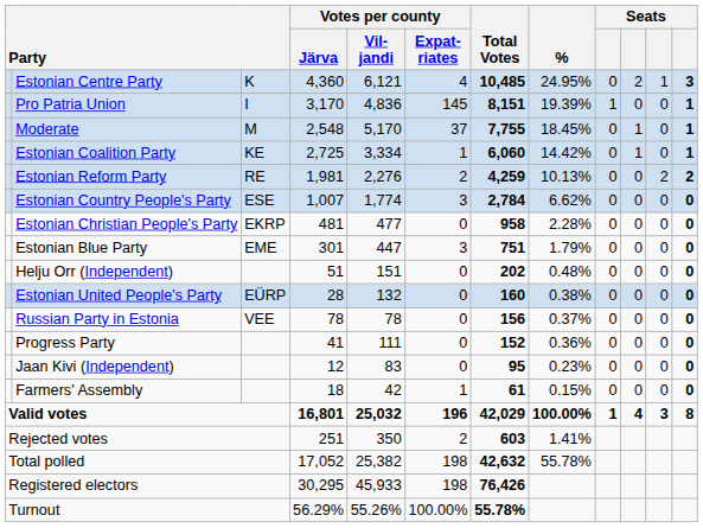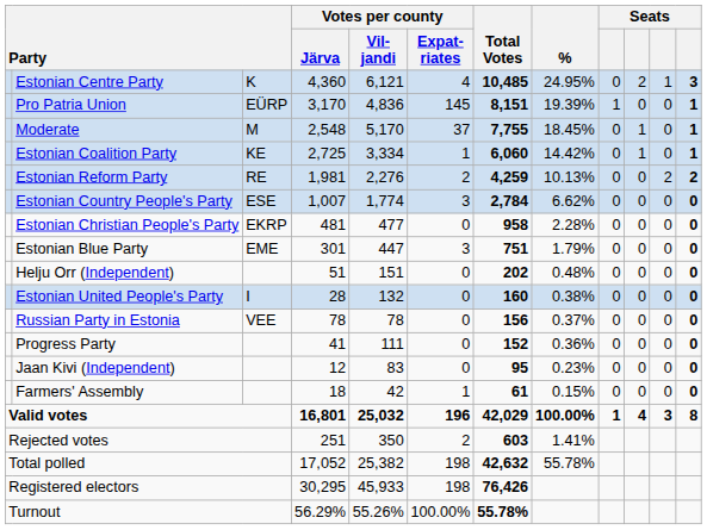 <table class="wikitable" border="1" style="text-align:right;">
 <tr>
 <th style="text-align:left;" valign=bottom rowspan=2 colspan=3>Party</th>
 <th colspan=3>Votes per county</th>
 <th align=center valign=bottom rowspan=2 width="50">Total Votes</th>
 <th align=center valign=bottom rowspan=2 width="50">%</th>
 <th colspan=4>Seats</th>
 </tr>
 <tr>
 <th align=center valign=bottom width="50"><a href='#'>Järva</a></th>
 <th align=center valign=bottom width="50"><a href='#'>Vil- jandi</a></th>
 <th align=center valign=bottom width="50"><a href='#'>Expat- riates</a></th>
 <th align=center valign=bottom width="20"><small></small></th>
 <th align=center valign=bottom width="20"><small></small></th>
 <th align=center valign=bottom width="20"><small></small></th>
 <th align=center valign=bottom width="20"><small></small></th>
 </tr>
 <tr style="background:#CEE0F2;">
 <td style="background:"></td>
 <td align=left><a href='#'>Estonian Centre Party</a></td>
 <td align=left>K</td>
 <td>4,360</td>
 <td>6,121</td>
 <td>4</td>
 <td><strong>10,485</strong></td>
 <td>24.95%</td>
 <td>0</td>
 <td>2</td>
 <td>1</td>
 <td><strong>3</strong></td>
 </tr>
 <tr style="background:#CEE0F2;">
 <td style="background:"></td>
 <td align=left><a href='#'>Pro Patria Union</a></td>
-<td align=left>I</td>
+<td align=left>EÜRP</td>
 <td>3,170</td>
 <td>4,836</td>
 <td>145</td>
 <td><strong>8,151</strong></td>
 <td>19.39%</td>
 <td>1</td>
 <td>0</td>
 <td>0</td>
 <td><strong>1</strong></td>
 </tr>
 <tr style="background:#CEE0F2;">
 <td style="background:"></td>
 <td align=left><a href='#'>Moderate</a></td>
 <td align=left>M</td>
 <td>2,548</td>
 <td>5,170</td>
 <td>37</td>
 <td><strong>7,755</strong></td>
 <td>18.45%</td>
 <td>0</td>
 <td>1</td>
 <td>0</td>
 <td><strong>1</strong></td>
 </tr>
 <tr style="background:#CEE0F2;">
 <td style="background:"></td>
 <td align=left><a href='#'>Estonian Coalition Party</a></td>
 <td align=left>KE</td>
 <td>2,725</td>
 <td>3,334</td>
 <td>1</td>
 <td><strong>6,060</strong></td>
 <td>14.42%</td>
 <td>0</td>
 <td>1</td>
 <td>0</td>
 <td><strong>1</strong></td>
 </tr>
 <tr style="background:#CEE0F2;">
 <td style="background:"></td>
 <td align=left><a href='#'>Estonian Reform Party</a></td>
 <td align=left>RE</td>
 <td>1,981</td>
 <td>2,276</td>
 <td>2</td>
 <td><strong>4,259</strong></td>
 <td>10.13%</td>
 <td>0</td>
 <td>0</td>
 <td>2</td>
 <td><strong>2</strong></td>
 </tr>
 <tr style="background:#CEE0F2;">
 <td style="background:"></td>
 <td align=left><a href='#'>Estonian Country People's Party</a></td>
 <td align=left>ESE</td>
 <td>1,007</td>
 <td>1,774</td>
 <td>3</td>
 <td><strong>2,784</strong></td>
 <td>6.62%</td>
 <td>0</td>
 <td>0</td>
 <td>0</td>
 <td><strong>0</strong></td>
 </tr>
 <tr>
 <td style="background:"></td>
 <td align=left><a href='#'>Estonian Christian People's Party</a></td>
 <td align=left>EKRP</td>
 <td>481</td>
 <td>477</td>
 <td>0</td>
 <td><strong>958</strong></td>
 <td>2.28%</td>
 <td>0</td>
 <td>0</td>
 <td>0</td>
 <td><strong>0</strong></td>
 </tr>
 <tr>
 <td></td>
 <td align=left>Estonian Blue Party</td>
 <td align=left>EME</td>
 <td>301</td>
 <td>447</td>
 <td>3</td>
 <td><strong>751</strong></td>
 <td>1.79%</td>
 <td>0</td>
 <td>0</td>
 <td>0</td>
 <td><strong>0</strong></td>
 </tr>
 <tr>
 <td style="background:"></td>
 <td align=left>Helju Orr (<a href='#'>Independent</a>)</td>
 <td></td>
 <td>51</td>
 <td>151</td>
 <td>0</td>
 <td><strong>202</strong></td>
 <td>0.48%</td>
 <td>0</td>
 <td>0</td>
 <td>0</td>
 <td><strong>0</strong></td>
 </tr>
 <tr style="background:#CEE0F2;">
 <td style="background:"></td>
 <td align=left><a href='#'>Estonian United People's Party</a></td>
-<td align=left>EÜRP</td>
+<td align=left>I</td>
 <td>28</td>
 <td>132</td>
 <td>0</td>
 <td><strong>160</strong></td>
 <td>0.38%</td>
 <td>0</td>
 <td>0</td>
 <td>0</td>
 <td><strong>0</strong></td>
 </tr>
 <tr>
 <td></td>
 <td align=left><a href='#'>Russian Party in Estonia</a></td>
 <td align=left>VEE</td>
 <td>78</td>
 <td>78</td>
 <td>0</td>
 <td><strong>156</strong></td>
 <td>0.37%</td>
 <td>0</td>
 <td>0</td>
 <td>0</td>
 <td><strong>0</strong></td>
 </tr>
 <tr>
 <td></td>
 <td align=left>Progress Party</td>
 <td></td>
 <td>41</td>
 <td>111</td>
 <td>0</td>
 <td><strong>152</strong></td>
 <td>0.36%</td>
 <td>0</td>
 <td>0</td>
 <td>0</td>
 <td><strong>0</strong></td>
 </tr>
 <tr>
 <td style="background:"></td>
 <td align=left>Jaan Kivi (<a href='#'>Independent</a>)</td>
 <td></td>
 <td>12</td>
 <td>83</td>
 <td>0</td>
 <td><strong>95</strong></td>
 <td>0.23%</td>
 <td>0</td>
 <td>0</td>
 <td>0</td>
 <td><strong>0</strong></td>
 </tr>
 <tr>
 <td></td>
 <td align=left>Farmers' Assembly</td>
 <td></td>
 <td>18</td>
 <td>42</td>
 <td>1</td>
 <td><strong>61</strong></td>
 <td>0.15%</td>
 <td>0</td>
 <td>0</td>
 <td>0</td>
 <td><strong>0</strong></td>
 </tr>
 <tr style="font-weight:bold">
 <td align=left colspan=3>Valid votes</td>
 <td>16,801</td>
 <td>25,032</td>
 <td>196</td>
 <td>42,029</td>
 <td>100.00%</td>
 <td>1</td>
 <td>4</td>
 <td>3</td>
 <td>8</td>
 </tr>
 <tr>
 <td align=left colspan=3>Rejected votes</td>
 <td>251</td>
 <td>350</td>
 <td>2</td>
 <td><strong>603</strong></td>
 <td>1.41%</td>
 <td></td>
 <td></td>
 <td></td>
 <td></td>
 </tr>
 <tr>
 <td align=left colspan=3>Total polled</td>
 <td>17,052</td>
 <td>25,382</td>
 <td>198</td>
 <td><strong>42,632</strong></td>
 <td>55.78%</td>
 <td></td>
 <td></td>
 <td></td>
 <td></td>
 </tr>
 <tr>
 <td align=left colspan=3>Registered electors</td>
 <td>30,295</td>
 <td>45,933</td>
 <td>198</td>
 <td><strong>76,426</strong></td>
 <td></td>
 <td></td>
 <td></td>
 <td></td>
 <td></td>
 </tr>
 <tr>
 <td align=left colspan=3>Turnout</td>
 <td>56.29%</td>
 <td>55.26%</td>
 <td>100.00%</td>
 <td><strong>55.78%</strong></td>
 <td></td>
 <td></td>
 <td></td>
 <td></td>
 <td></td>
 </tr>
 </table>
